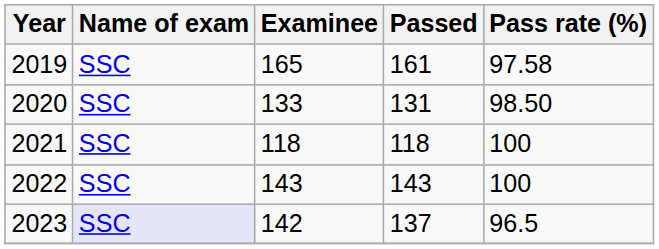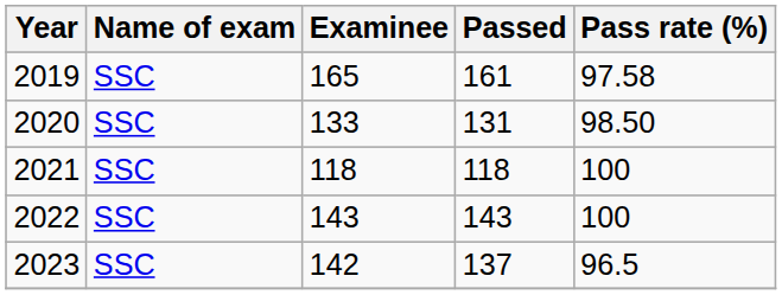 <table class="wikitable" style="margin:1em auto;">
 <tr>
 <th>Year</th>
 <th>Name of exam</th>
 <th>Examinee</th>
 <th>Passed</th>
 <th>Pass rate (%)</th>
 </tr>
 <tr>
 <td>2019</td>
 <td><a href='#'>SSC</a></td>
 <td>165</td>
 <td>161</td>
 <td>97.58</td>
 </tr>
 <tr>
 <td>2020</td>
 <td><a href='#'>SSC</a></td>
 <td>133</td>
 <td>131</td>
 <td>98.50</td>
 </tr>
 <tr>
 <td>2021</td>
 <td><a href='#'>SSC</a></td>
 <td>118</td>
 <td>118</td>
 <td>100</td>
 </tr>
 <tr>
 <td>2022</td>
 <td><a href='#'>SSC</a></td>
 <td>143</td>
 <td>143</td>
 <td>100</td>
 </tr>
 <tr>
 <td>2023</td>
-<td style="background: lavender;"><a href='#'>SSC</a></td>
+<td><a href='#'>SSC</a></td>
 <td>142</td>
 <td>137</td>
 <td>96.5</td>
 </tr>
 <tr>
 </tr>
 </table>
